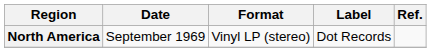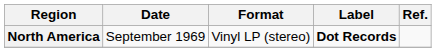 <table class="wikitable plainrowheaders">
 <tr>
 <th scope="col">Region</th>
 <th scope="col">Date</th>
 <th scope="col">Format</th>
 <th scope="col">Label</th>
 <th scope="col">Ref.</th>
 </tr>
 <tr>
 <th scope="row">North America</th>
 <td>September 1969</td>
 <td>Vinyl LP (stereo)</td>
-<td>Dot Records</td>
+<td><strong>Dot Records</strong></td>
 <td></td>
 </tr>
 <tr>
 </tr>
 </table>
